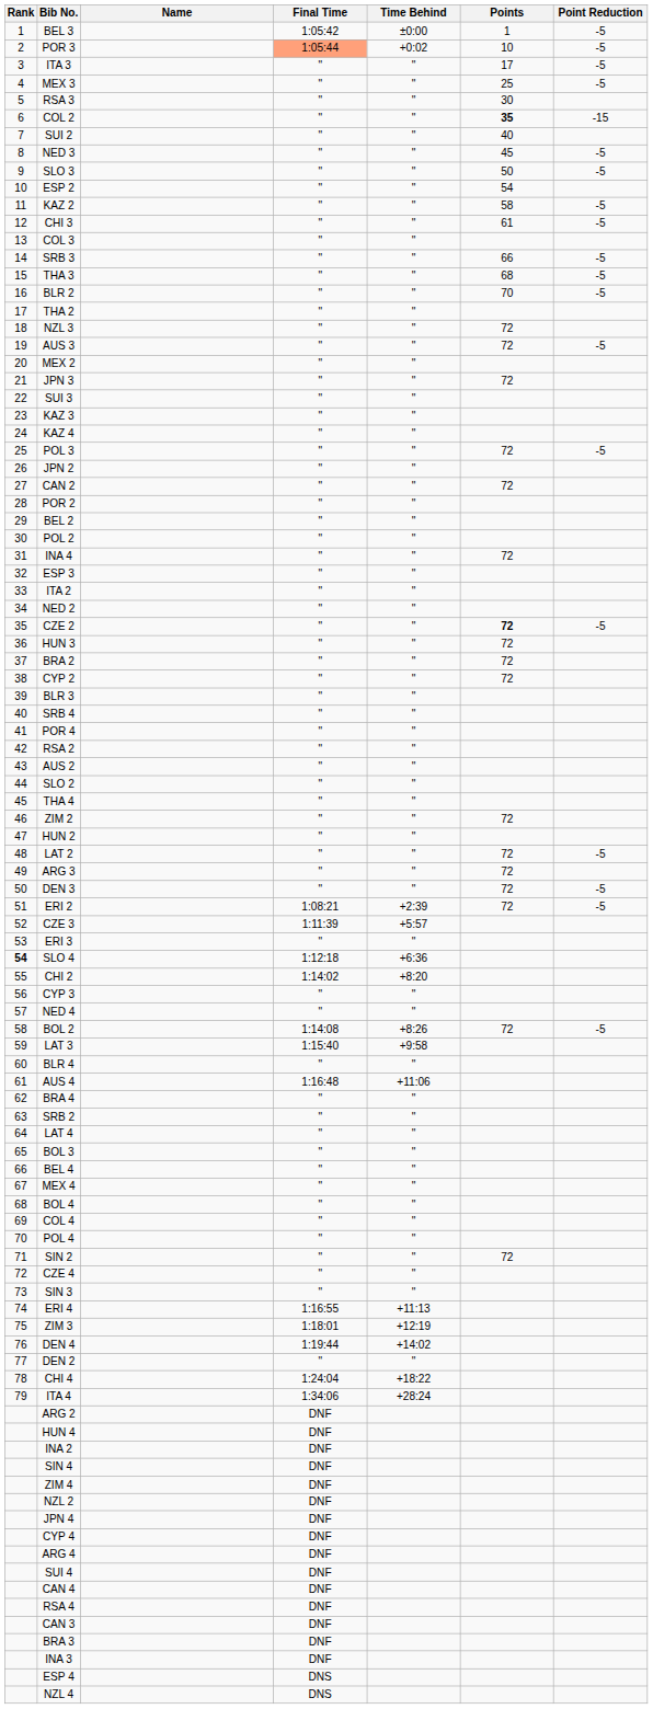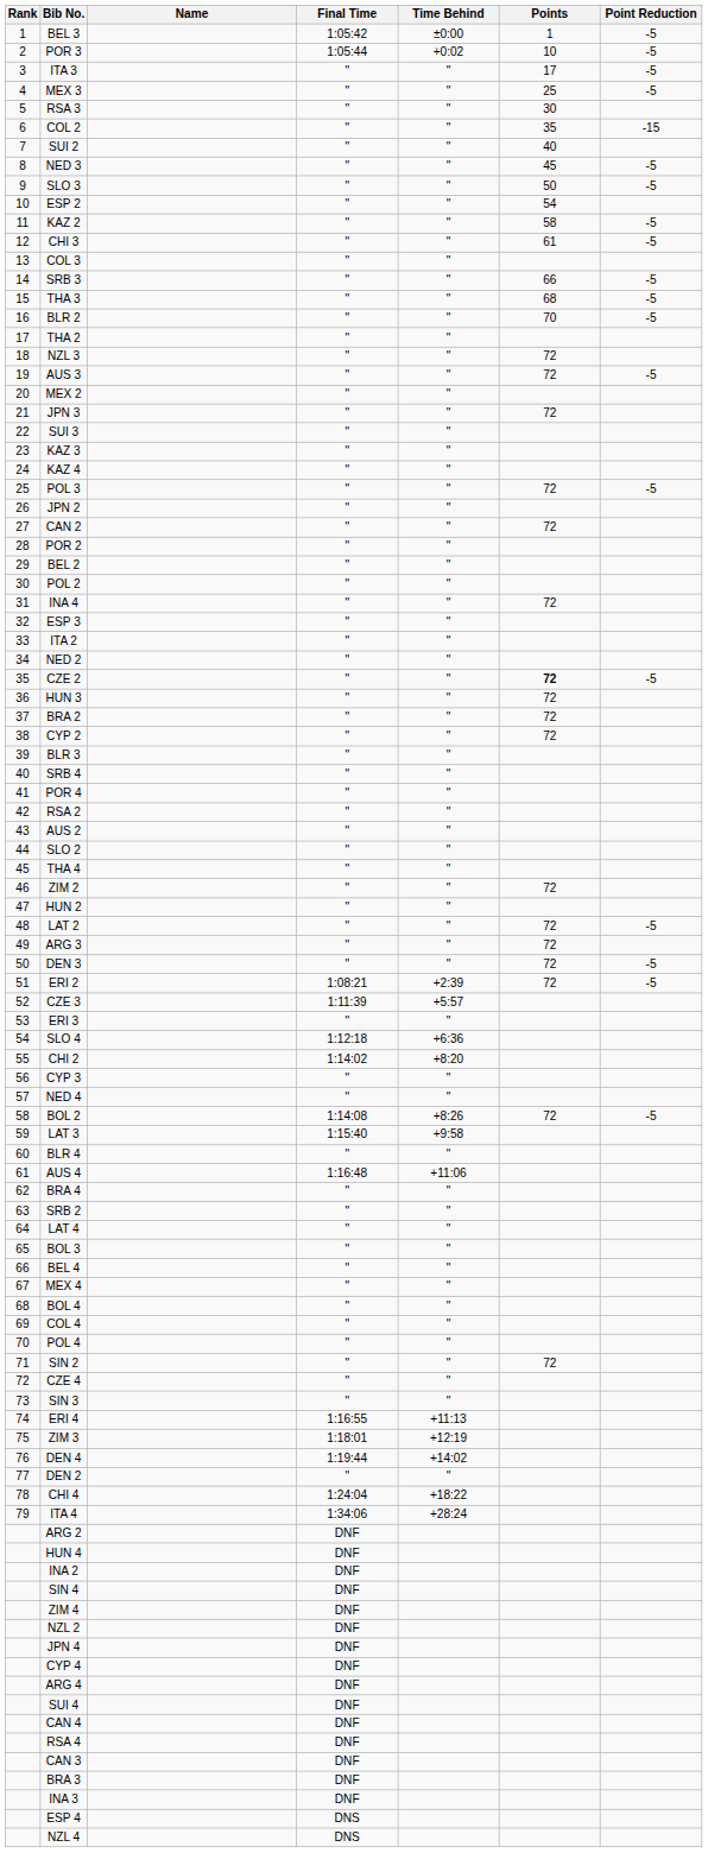 <table class="wikitable" style="text-align:center">
 <tr>
 <th>Rank</th>
 <th>Bib No.</th>
 <th style="width:17em">Name</th>
 <th style="width:8em">Final Time</th>
 <th style="width:8em">Time Behind</th>
 <th style="width:8em">Points</th>
 <th style="width:8em">Point Reduction</th>
 </tr>
 <tr>
 <td>1</td>
 <td>BEL 3</td>
 <td align=left></td>
 <td>1:05:42</td>
 <td>±0:00</td>
 <td>1</td>
 <td>-5</td>
 </tr>
 <tr>
 <td>2</td>
 <td>POR 3</td>
 <td align=left></td>
-<td style="background: lightsalmon;">1:05:44</td>
+<td>1:05:44</td>
 <td>+0:02</td>
 <td>10</td>
 <td>-5</td>
 </tr>
 <tr>
 <td>3</td>
 <td>ITA 3</td>
 <td align=left></td>
 <td>"</td>
 <td>"</td>
 <td>17</td>
 <td>-5</td>
 </tr>
 <tr>
 <td>4</td>
 <td>MEX 3</td>
 <td align=left></td>
 <td>"</td>
 <td>"</td>
 <td>25</td>
 <td>-5</td>
 </tr>
 <tr>
 <td>5</td>
 <td>RSA 3</td>
 <td align=left></td>
 <td>"</td>
 <td>"</td>
 <td>30</td>
 <td></td>
 </tr>
 <tr>
 <td>6</td>
 <td>COL 2</td>
 <td align=left></td>
 <td>"</td>
 <td>"</td>
-<td><strong>35</strong></td>
+<td>35</td>
 <td>-15</td>
 </tr>
 <tr>
 <td>7</td>
 <td>SUI 2</td>
 <td align=left></td>
 <td>"</td>
 <td>"</td>
 <td>40</td>
 <td></td>
 </tr>
 <tr>
 <td>8</td>
 <td>NED 3</td>
 <td align=left></td>
 <td>"</td>
 <td>"</td>
 <td>45</td>
 <td>-5</td>
 </tr>
 <tr>
 <td>9</td>
 <td>SLO 3</td>
 <td align=left></td>
 <td>"</td>
 <td>"</td>
 <td>50</td>
 <td>-5</td>
 </tr>
 <tr>
 <td>10</td>
 <td>ESP 2</td>
 <td align=left></td>
 <td>"</td>
 <td>"</td>
 <td>54</td>
 <td></td>
 </tr>
 <tr>
 <td>11</td>
 <td>KAZ 2</td>
 <td align=left></td>
 <td>"</td>
 <td>"</td>
 <td>58</td>
 <td>-5</td>
 </tr>
 <tr>
 <td>12</td>
 <td>CHI 3</td>
 <td align=left></td>
 <td>"</td>
 <td>"</td>
 <td>61</td>
 <td>-5</td>
 </tr>
 <tr>
 <td>13</td>
 <td>COL 3</td>
 <td align=left></td>
 <td>"</td>
 <td>"</td>
 <td></td>
 <td></td>
 </tr>
 <tr>
 <td>14</td>
 <td>SRB 3</td>
 <td align=left></td>
 <td>"</td>
 <td>"</td>
 <td>66</td>
 <td>-5</td>
 </tr>
 <tr>
 <td>15</td>
 <td>THA 3</td>
 <td align=left></td>
 <td>"</td>
 <td>"</td>
 <td>68</td>
 <td>-5</td>
 </tr>
 <tr>
 <td>16</td>
 <td>BLR 2</td>
 <td align=left></td>
 <td>"</td>
 <td>"</td>
 <td>70</td>
 <td>-5</td>
 </tr>
 <tr>
 <td>17</td>
 <td>THA 2</td>
 <td align=left></td>
 <td>"</td>
 <td>"</td>
 <td></td>
 <td></td>
 </tr>
 <tr>
 <td>18</td>
 <td>NZL 3</td>
 <td align=left></td>
 <td>"</td>
 <td>"</td>
 <td>72</td>
 <td></td>
 </tr>
 <tr>
 <td>19</td>
 <td>AUS 3</td>
 <td align=left></td>
 <td>"</td>
 <td>"</td>
 <td>72</td>
 <td>-5</td>
 </tr>
 <tr>
 <td>20</td>
 <td>MEX 2</td>
 <td align=left></td>
 <td>"</td>
 <td>"</td>
 <td></td>
 <td></td>
 </tr>
 <tr>
 <td>21</td>
 <td>JPN 3</td>
 <td align=left></td>
 <td>"</td>
 <td>"</td>
 <td>72</td>
 <td></td>
 </tr>
 <tr>
 <td>22</td>
 <td>SUI 3</td>
 <td align=left></td>
 <td>"</td>
 <td>"</td>
 <td></td>
 <td></td>
 </tr>
 <tr>
 <td>23</td>
 <td>KAZ 3</td>
 <td align=left></td>
 <td>"</td>
 <td>"</td>
 <td></td>
 <td></td>
 </tr>
 <tr>
 <td>24</td>
 <td>KAZ 4</td>
 <td align=left></td>
 <td>"</td>
 <td>"</td>
 <td></td>
 <td></td>
 </tr>
 <tr>
 <td>25</td>
 <td>POL 3</td>
 <td align=left></td>
 <td>"</td>
 <td>"</td>
 <td>72</td>
 <td>-5</td>
 </tr>
 <tr>
 <td>26</td>
 <td>JPN 2</td>
 <td align=left></td>
 <td>"</td>
 <td>"</td>
 <td></td>
 <td></td>
 </tr>
 <tr>
 <td>27</td>
 <td>CAN 2</td>
 <td align=left></td>
 <td>"</td>
 <td>"</td>
 <td>72</td>
 <td></td>
 </tr>
 <tr>
 <td>28</td>
 <td>POR 2</td>
 <td align=left></td>
 <td>"</td>
 <td>"</td>
 <td></td>
 <td></td>
 </tr>
 <tr>
 <td>29</td>
 <td>BEL 2</td>
 <td align=left></td>
 <td>"</td>
 <td>"</td>
 <td></td>
 <td></td>
 </tr>
 <tr>
 <td>30</td>
 <td>POL 2</td>
 <td align=left></td>
 <td>"</td>
 <td>"</td>
 <td></td>
 <td></td>
 </tr>
 <tr>
 <td>31</td>
 <td>INA 4</td>
 <td align=left></td>
 <td>"</td>
 <td>"</td>
 <td>72</td>
 <td></td>
 </tr>
 <tr>
 <td>32</td>
 <td>ESP 3</td>
 <td align=left></td>
 <td>"</td>
 <td>"</td>
 <td></td>
 <td></td>
 </tr>
 <tr>
 <td>33</td>
 <td>ITA 2</td>
 <td align=left></td>
 <td>"</td>
 <td>"</td>
 <td></td>
 <td></td>
 </tr>
 <tr>
 <td>34</td>
 <td>NED 2</td>
 <td align=left></td>
 <td>"</td>
 <td>"</td>
 <td></td>
 <td></td>
 </tr>
 <tr>
 <td>35</td>
 <td>CZE 2</td>
 <td align=left></td>
 <td>"</td>
 <td>"</td>
 <td><strong>72</strong></td>
 <td>-5</td>
 </tr>
 <tr>
 <td>36</td>
 <td>HUN 3</td>
 <td align=left></td>
 <td>"</td>
 <td>"</td>
 <td>72</td>
 <td></td>
 </tr>
 <tr>
 <td>37</td>
 <td>BRA 2</td>
 <td align=left></td>
 <td>"</td>
 <td>"</td>
 <td>72</td>
 <td></td>
 </tr>
 <tr>
 <td>38</td>
 <td>CYP 2</td>
 <td align=left></td>
 <td>"</td>
 <td>"</td>
 <td>72</td>
 <td></td>
 </tr>
 <tr>
 <td>39</td>
 <td>BLR 3</td>
 <td align=left></td>
 <td>"</td>
 <td>"</td>
 <td></td>
 <td></td>
 </tr>
 <tr>
 <td>40</td>
 <td>SRB 4</td>
 <td align=left></td>
 <td>"</td>
 <td>"</td>
 <td></td>
 <td></td>
 </tr>
 <tr>
 <td>41</td>
 <td>POR 4</td>
 <td align=left></td>
 <td>"</td>
 <td>"</td>
 <td></td>
 <td></td>
 </tr>
 <tr>
 <td>42</td>
 <td>RSA 2</td>
 <td align=left></td>
 <td>"</td>
 <td>"</td>
 <td></td>
 <td></td>
 </tr>
 <tr>
 <td>43</td>
 <td>AUS 2</td>
 <td align=left></td>
 <td>"</td>
 <td>"</td>
 <td></td>
 <td></td>
 </tr>
 <tr>
 <td>44</td>
 <td>SLO 2</td>
 <td align=left></td>
 <td>"</td>
 <td>"</td>
 <td></td>
 <td></td>
 </tr>
 <tr>
 <td>45</td>
 <td>THA 4</td>
 <td align=left></td>
 <td>"</td>
 <td>"</td>
 <td></td>
 <td></td>
 </tr>
 <tr>
 <td>46</td>
 <td>ZIM 2</td>
 <td align=left></td>
 <td>"</td>
 <td>"</td>
 <td>72</td>
 <td></td>
 </tr>
 <tr>
 <td>47</td>
 <td>HUN 2</td>
 <td align=left></td>
 <td>"</td>
 <td>"</td>
 <td></td>
 <td></td>
 </tr>
 <tr>
 <td>48</td>
 <td>LAT 2</td>
 <td align=left></td>
 <td>"</td>
 <td>"</td>
 <td>72</td>
 <td>-5</td>
 </tr>
 <tr>
 <td>49</td>
 <td>ARG 3</td>
 <td align=left></td>
 <td>"</td>
 <td>"</td>
 <td>72</td>
 <td></td>
 </tr>
 <tr>
 <td>50</td>
 <td>DEN 3</td>
 <td align=left></td>
 <td>"</td>
 <td>"</td>
 <td>72</td>
 <td>-5</td>
 </tr>
 <tr>
 <td>51</td>
 <td>ERI 2</td>
 <td align=left></td>
 <td>1:08:21</td>
 <td>+2:39</td>
 <td>72</td>
 <td>-5</td>
 </tr>
 <tr>
 <td>52</td>
 <td>CZE 3</td>
 <td align=left></td>
 <td>1:11:39</td>
 <td>+5:57</td>
 <td></td>
 <td></td>
 </tr>
 <tr>
 <td>53</td>
 <td>ERI 3</td>
 <td align=left></td>
 <td>"</td>
 <td>"</td>
 <td></td>
 <td></td>
 </tr>
 <tr>
-<td><strong>54</strong></td>
+<td>54</td>
 <td>SLO 4</td>
 <td align=left></td>
 <td>1:12:18</td>
 <td>+6:36</td>
 <td></td>
 <td></td>
 </tr>
 <tr>
 <td>55</td>
 <td>CHI 2</td>
 <td align=left></td>
 <td>1:14:02</td>
 <td>+8:20</td>
 <td></td>
 <td></td>
 </tr>
 <tr>
 <td>56</td>
 <td>CYP 3</td>
 <td align=left></td>
 <td>"</td>
 <td>"</td>
 <td></td>
 <td></td>
 </tr>
 <tr>
 <td>57</td>
 <td>NED 4</td>
 <td align=left></td>
 <td>"</td>
 <td>"</td>
 <td></td>
 <td></td>
 </tr>
 <tr>
 <td>58</td>
 <td>BOL 2</td>
 <td align=left></td>
 <td>1:14:08</td>
 <td>+8:26</td>
 <td>72</td>
 <td>-5</td>
 </tr>
 <tr>
 <td>59</td>
 <td>LAT 3</td>
 <td align=left></td>
 <td>1:15:40</td>
 <td>+9:58</td>
 <td></td>
 <td></td>
 </tr>
 <tr>
 <td>60</td>
 <td>BLR 4</td>
 <td align=left></td>
 <td>"</td>
 <td>"</td>
 <td></td>
 <td></td>
 </tr>
 <tr>
 <td>61</td>
 <td>AUS 4</td>
 <td align=left></td>
 <td>1:16:48</td>
 <td>+11:06</td>
 <td></td>
 <td></td>
 </tr>
 <tr>
 <td>62</td>
 <td>BRA 4</td>
 <td align=left></td>
 <td>"</td>
 <td>"</td>
 <td></td>
 <td></td>
 </tr>
 <tr>
 <td>63</td>
 <td>SRB 2</td>
 <td align=left></td>
 <td>"</td>
 <td>"</td>
 <td></td>
 <td></td>
 </tr>
 <tr>
 <td>64</td>
 <td>LAT 4</td>
 <td align=left></td>
 <td>"</td>
 <td>"</td>
 <td></td>
 <td></td>
 </tr>
 <tr>
 <td>65</td>
 <td>BOL 3</td>
 <td align=left></td>
 <td>"</td>
 <td>"</td>
 <td></td>
 <td></td>
 </tr>
 <tr>
 <td>66</td>
 <td>BEL 4</td>
 <td align=left></td>
 <td>"</td>
 <td>"</td>
 <td></td>
 <td></td>
 </tr>
 <tr>
 <td>67</td>
 <td>MEX 4</td>
 <td align=left></td>
 <td>"</td>
 <td>"</td>
 <td></td>
 <td></td>
 </tr>
 <tr>
 <td>68</td>
 <td>BOL 4</td>
 <td align=left></td>
 <td>"</td>
 <td>"</td>
 <td></td>
 <td></td>
 </tr>
 <tr>
 <td>69</td>
 <td>COL 4</td>
 <td align=left></td>
 <td>"</td>
 <td>"</td>
 <td></td>
 <td></td>
 </tr>
 <tr>
 <td>70</td>
 <td>POL 4</td>
 <td align=left></td>
 <td>"</td>
 <td>"</td>
 <td></td>
 <td></td>
 </tr>
 <tr>
 <td>71</td>
 <td>SIN 2</td>
 <td align=left></td>
 <td>"</td>
 <td>"</td>
 <td>72</td>
 <td></td>
 </tr>
 <tr>
 <td>72</td>
 <td>CZE 4</td>
 <td align=left></td>
 <td>"</td>
 <td>"</td>
 <td></td>
 <td></td>
 </tr>
 <tr>
 <td>73</td>
 <td>SIN 3</td>
 <td align=left></td>
 <td>"</td>
 <td>"</td>
 <td></td>
 <td></td>
 </tr>
 <tr>
 <td>74</td>
 <td>ERI 4</td>
 <td align=left></td>
 <td>1:16:55</td>
 <td>+11:13</td>
 <td></td>
 <td></td>
 </tr>
 <tr>
 <td>75</td>
 <td>ZIM 3</td>
 <td align=left></td>
 <td>1:18:01</td>
 <td>+12:19</td>
 <td></td>
 <td></td>
 </tr>
 <tr>
 <td>76</td>
 <td>DEN 4</td>
 <td align=left></td>
 <td>1:19:44</td>
 <td>+14:02</td>
 <td></td>
 <td></td>
 </tr>
 <tr>
 <td>77</td>
 <td>DEN 2</td>
 <td align=left></td>
 <td>"</td>
 <td>"</td>
 <td></td>
 <td></td>
 </tr>
 <tr>
 <td>78</td>
 <td>CHI 4</td>
 <td align=left></td>
 <td>1:24:04</td>
 <td>+18:22</td>
 <td></td>
 <td></td>
 </tr>
 <tr>
 <td>79</td>
 <td>ITA 4</td>
 <td align=left></td>
 <td>1:34:06</td>
 <td>+28:24</td>
 <td></td>
 <td></td>
 </tr>
 <tr>
 <td></td>
 <td>ARG 2</td>
 <td align=left></td>
 <td>DNF</td>
 <td></td>
 <td></td>
 <td></td>
 </tr>
 <tr>
 <td></td>
 <td>HUN 4</td>
 <td align=left></td>
 <td>DNF</td>
 <td></td>
 <td></td>
 <td></td>
 </tr>
 <tr>
 <td></td>
 <td>INA 2</td>
 <td align=left></td>
 <td>DNF</td>
 <td></td>
 <td></td>
 <td></td>
 </tr>
 <tr>
 <td></td>
 <td>SIN 4</td>
 <td align=left></td>
 <td>DNF</td>
 <td></td>
 <td></td>
 <td></td>
 </tr>
 <tr>
 <td></td>
 <td>ZIM 4</td>
 <td align=left></td>
 <td>DNF</td>
 <td></td>
 <td></td>
 <td></td>
 </tr>
 <tr>
 <td></td>
 <td>NZL 2</td>
 <td align=left></td>
 <td>DNF</td>
 <td></td>
 <td></td>
 <td></td>
 </tr>
 <tr>
 <td></td>
 <td>JPN 4</td>
 <td align=left></td>
 <td>DNF</td>
 <td></td>
 <td></td>
 <td></td>
 </tr>
 <tr>
 <td></td>
 <td>CYP 4</td>
 <td align=left></td>
 <td>DNF</td>
 <td></td>
 <td></td>
 <td></td>
 </tr>
 <tr>
 <td></td>
 <td>ARG 4</td>
 <td align=left></td>
 <td>DNF</td>
 <td></td>
 <td></td>
 <td></td>
 </tr>
 <tr>
 <td></td>
 <td>SUI 4</td>
 <td align=left></td>
 <td>DNF</td>
 <td></td>
 <td></td>
 <td></td>
 </tr>
 <tr>
 <td></td>
 <td>CAN 4</td>
 <td align=left></td>
 <td>DNF</td>
 <td></td>
 <td></td>
 <td></td>
 </tr>
 <tr>
 <td></td>
 <td>RSA 4</td>
 <td align=left></td>
 <td>DNF</td>
 <td></td>
 <td></td>
 <td></td>
 </tr>
 <tr>
 <td></td>
 <td>CAN 3</td>
 <td align=left></td>
 <td>DNF</td>
 <td></td>
 <td></td>
 <td></td>
 </tr>
 <tr>
 <td></td>
 <td>BRA 3</td>
 <td align=left></td>
 <td>DNF</td>
 <td></td>
 <td></td>
 <td></td>
 </tr>
 <tr>
 <td></td>
 <td>INA 3</td>
 <td align=left></td>
 <td>DNF</td>
 <td></td>
 <td></td>
 <td></td>
 </tr>
 <tr>
 <td></td>
 <td>ESP 4</td>
 <td align=left></td>
 <td>DNS</td>
 <td></td>
 <td></td>
 <td></td>
 </tr>
 <tr>
 <td></td>
 <td>NZL 4</td>
 <td align=left></td>
 <td>DNS</td>
 <td></td>
 <td></td>
 <td></td>
 </tr>
 </table>
